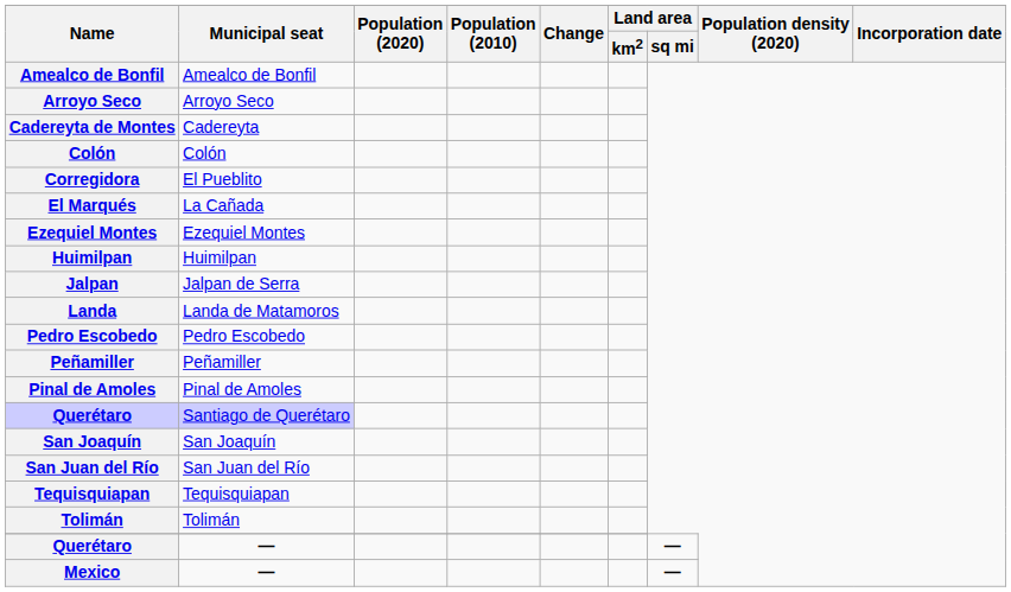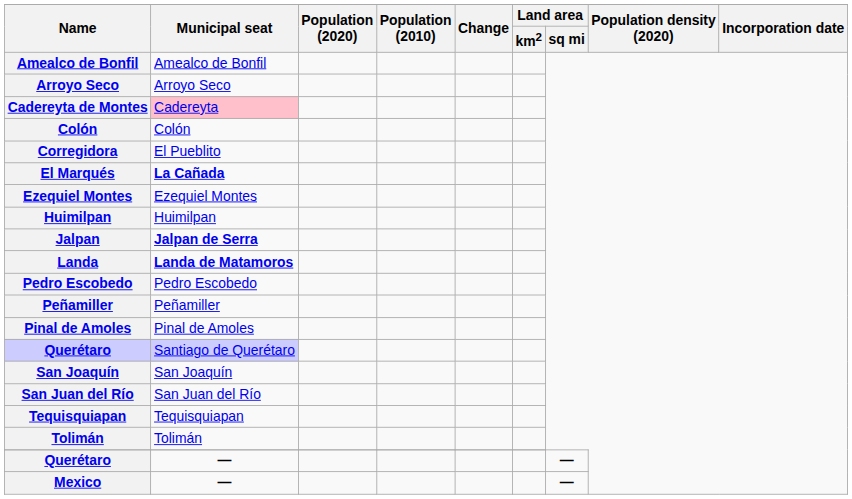 <table class="wikitable sortable" style="text-align:right;">
 <tr>
 </tr>
 <tr>
 <th scope="col"  rowspan=2>Name</th>
 <th scope="col"  rowspan=2>Municipal seat</th>
 <th scope="col"  rowspan=2>Population<br>(2020)</th>
 <th scope="col"  rowspan=2>Population<br>(2010)</th>
 <th scope="col"  rowspan=2>Change</th>
 <th scope="col" data-sort-type="number"  colspan=2>Land area</th>
 <th scope="col" data-sort-type="number"  rowspan=2>Population density<br>(2020)</th>
 <th scope="col"  rowspan=2>Incorporation date</th>
 </tr>
 <tr>
 <th scope="col">km<sup>2</sup></th>
 <th scope="col">sq mi</th>
 </tr>
 <tr>
 <th scope="row" align="left"><a href='#'>Amealco de Bonfil</a></th>
 <td align=left><a href='#'>Amealco de Bonfil</a></td>
 <td></td>
 <td></td>
 <td></td>
 <td></td>
 </tr>
 <tr>
 <th scope="row" align="left"><a href='#'>Arroyo Seco</a></th>
 <td align=left><a href='#'>Arroyo Seco</a></td>
 <td></td>
 <td></td>
 <td></td>
 <td></td>
 </tr>
 <tr>
 <th scope="row" align="left"><a href='#'>Cadereyta de Montes</a></th>
-<td align=left><a href='#'>Cadereyta</a></td>
+<td align=left style="background: pink;"><a href='#'>Cadereyta</a></td>
 <td></td>
 <td></td>
 <td></td>
 <td></td>
 </tr>
 <tr>
 <th scope="row" align="left"><a href='#'>Colón</a></th>
 <td align=left><a href='#'>Colón</a></td>
 <td></td>
 <td></td>
 <td></td>
 <td></td>
 </tr>
 <tr>
 <th scope="row" align="left"><a href='#'>Corregidora</a></th>
 <td align=left><a href='#'>El Pueblito</a></td>
 <td></td>
 <td></td>
 <td></td>
 <td></td>
 </tr>
 <tr>
 <th scope="row" align="left"><a href='#'>El Marqués</a></th>
-<td align=left><a href='#'>La Cañada</a></td>
+<td align=left><strong><a href='#'>La Cañada</a></strong></td>
 <td></td>
 <td></td>
 <td></td>
 <td></td>
 </tr>
 <tr>
 <th scope="row" align="left"><a href='#'>Ezequiel Montes</a></th>
 <td align=left><a href='#'>Ezequiel Montes</a></td>
 <td></td>
 <td></td>
 <td></td>
 <td></td>
 </tr>
 <tr>
 <th scope="row" align="left"><a href='#'>Huimilpan</a></th>
 <td align=left><a href='#'>Huimilpan</a></td>
 <td></td>
 <td></td>
 <td></td>
 <td></td>
 </tr>
 <tr>
 <th scope="row" align="left"><a href='#'>Jalpan</a></th>
-<td align=left><a href='#'>Jalpan de Serra</a></td>
+<td align=left><strong><a href='#'>Jalpan de Serra</a></strong></td>
 <td></td>
 <td></td>
 <td></td>
 <td></td>
 </tr>
 <tr>
 <th scope="row" align="left"><a href='#'>Landa</a></th>
-<td align=left><a href='#'>Landa de Matamoros</a></td>
+<td align=left><strong><a href='#'>Landa de Matamoros</a></strong></td>
 <td></td>
 <td></td>
 <td></td>
 <td></td>
 </tr>
 <tr>
 <th scope="row" align="left"><a href='#'>Pedro Escobedo</a></th>
 <td align=left><a href='#'>Pedro Escobedo</a></td>
 <td></td>
 <td></td>
 <td></td>
 <td></td>
 </tr>
 <tr>
 <th scope="row" align="left"><a href='#'>Peñamiller</a></th>
 <td align=left><a href='#'>Peñamiller</a></td>
 <td></td>
 <td></td>
 <td></td>
 <td></td>
 </tr>
 <tr>
 <th scope="row" align="left"><a href='#'>Pinal de Amoles</a></th>
 <td align=left><a href='#'>Pinal de Amoles</a></td>
 <td></td>
 <td></td>
 <td></td>
 <td></td>
 </tr>
 <tr>
 <th scope="row" align="left" style="background:#CCF;"><a href='#'>Querétaro</a></th>
 <td align="left" style="background:#CCF;"><a href='#'>Santiago de Querétaro</a></td>
 <td></td>
 <td></td>
 <td></td>
 <td></td>
 </tr>
 <tr>
 <th scope="row" align="left"><a href='#'>San Joaquín</a></th>
 <td align=left><a href='#'>San Joaquín</a></td>
 <td></td>
 <td></td>
 <td></td>
 <td></td>
 </tr>
 <tr>
 <th scope="row" align="left"><a href='#'>San Juan del Río</a></th>
 <td align=left><a href='#'>San Juan del Río</a></td>
 <td></td>
 <td></td>
 <td></td>
 <td></td>
 </tr>
 <tr>
 <th scope="row" align="left"><a href='#'>Tequisquiapan</a></th>
 <td align=left><a href='#'>Tequisquiapan</a></td>
 <td></td>
 <td></td>
 <td></td>
 <td></td>
 </tr>
 <tr>
 <th scope="row" align="left"><a href='#'>Tolimán</a></th>
 <td align=left><a href='#'>Tolimán</a></td>
 <td></td>
 <td></td>
 <td></td>
 <td></td>
 </tr>
 <tr>
 </tr>
 <tr class="sortbottom" style="text-align:center;" style="background: #f2f2f2;">
 <th scope="row" align="left"><strong><a href='#'>Querétaro</a></strong></th>
 <td><strong>—</strong></td>
 <td></td>
 <td><strong></strong></td>
 <td><strong></strong></td>
 <td align="right"><strong></strong></td>
 <td><strong>—</strong></td>
 </tr>
 <tr class="sortbottom" style="text-align:center;" style="background: #f2f2f2;">
 <th scope="row" align="left"><strong><a href='#'>Mexico</a></strong></th>
 <td><strong>—</strong></td>
 <td></td>
 <td><strong></strong></td>
 <td><strong></strong></td>
 <td align="right"><strong></strong></td>
 <td><strong>—</strong></td>
 </tr>
 </table>
